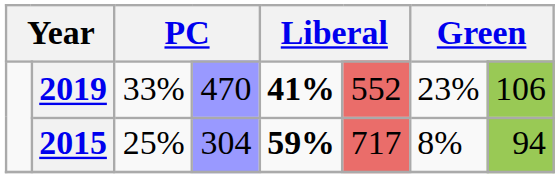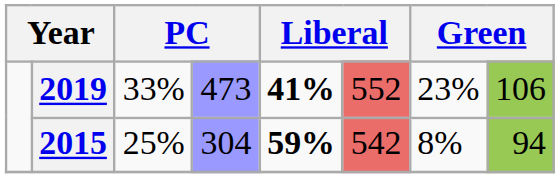 <table class="wikitable" style="width:400; font-size:90%; margin-left:1em;">
 <tr>
 <th colspan="2" scope="col">Year</th>
 <th colspan="2" scope="col"><a href='#'>PC</a></th>
 <th colspan="2" scope="col"><a href='#'>Liberal</a></th>
 <th colspan="2" scope="col"><a href='#'>Green</a></th>
 </tr>
 <tr>
 <td rowspan="2" style="width: 0.25em; background-color: "></td>
 <th><a href='#'>2019</a></th>
 <td>33%</td>
-<td style="text-align:right; background:#9999FF;">470</td>
+<td style="text-align:right; background:#9999FF;">473</td>
 <td><strong>41%</strong></td>
 <td style="text-align:right; background:#EA6D6A;">552</td>
 <td>23%</td>
 <td style="text-align:right; background:#99C955;">106</td>
 </tr>
 <tr>
 <th><a href='#'>2015</a></th>
 <td>25%</td>
 <td style="text-align:right; background:#9999FF;">304</td>
 <td><strong>59%</strong></td>
-<td style="text-align:right; background:#EA6D6A;">717</td>
+<td style="text-align:right; background:#EA6D6A;">542</td>
 <td>8%</td>
 <td style="text-align:right; background:#99C955;">94</td>
 </tr>
 <tr>
 </tr>
 </table>
